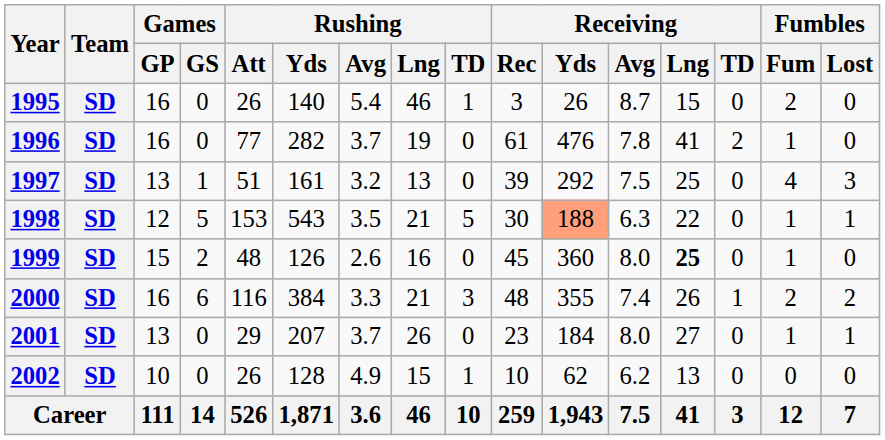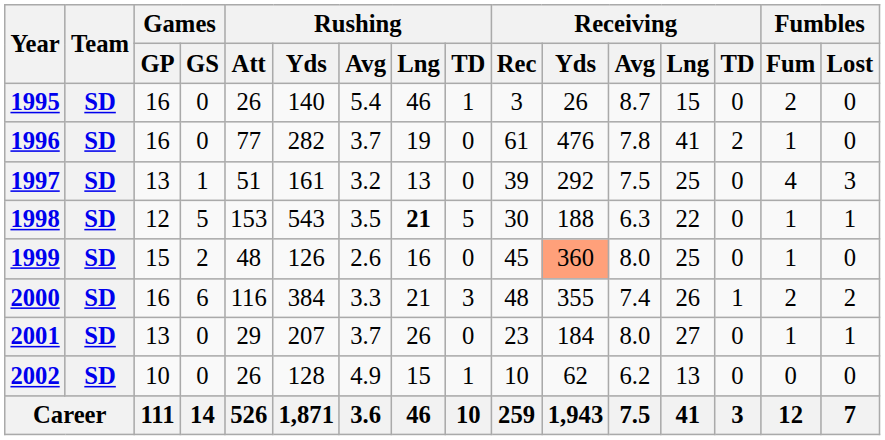 <table class="wikitable" style="text-align: center;">
 <tr>
 <th rowspan="2">Year</th>
 <th rowspan="2">Team</th>
 <th colspan="2">Games</th>
 <th colspan="5">Rushing</th>
 <th colspan="5">Receiving</th>
 <th colspan="2">Fumbles</th>
 </tr>
 <tr>
 <th>GP</th>
 <th>GS</th>
 <th>Att</th>
 <th>Yds</th>
 <th>Avg</th>
 <th>Lng</th>
 <th>TD</th>
 <th>Rec</th>
 <th>Yds</th>
 <th>Avg</th>
 <th>Lng</th>
 <th>TD</th>
 <th>Fum</th>
 <th>Lost</th>
 </tr>
 <tr>
 <th><a href='#'>1995</a></th>
 <th><a href='#'>SD</a></th>
 <td>16</td>
 <td>0</td>
 <td>26</td>
 <td>140</td>
 <td>5.4</td>
 <td>46</td>
 <td>1</td>
 <td>3</td>
 <td>26</td>
 <td>8.7</td>
 <td>15</td>
 <td>0</td>
 <td>2</td>
 <td>0</td>
 </tr>
 <tr>
 <th><a href='#'>1996</a></th>
 <th><a href='#'>SD</a></th>
 <td>16</td>
 <td>0</td>
 <td>77</td>
 <td>282</td>
 <td>3.7</td>
 <td>19</td>
 <td>0</td>
 <td>61</td>
 <td>476</td>
 <td>7.8</td>
 <td>41</td>
 <td>2</td>
 <td>1</td>
 <td>0</td>
 </tr>
 <tr>
 <th><a href='#'>1997</a></th>
 <th><a href='#'>SD</a></th>
 <td>13</td>
 <td>1</td>
 <td>51</td>
 <td>161</td>
 <td>3.2</td>
 <td>13</td>
 <td>0</td>
 <td>39</td>
 <td>292</td>
 <td>7.5</td>
 <td>25</td>
 <td>0</td>
 <td>4</td>
 <td>3</td>
 </tr>
 <tr>
 <th><a href='#'>1998</a></th>
 <th><a href='#'>SD</a></th>
 <td>12</td>
 <td>5</td>
 <td>153</td>
 <td>543</td>
 <td>3.5</td>
-<td>21</td>
+<td><strong>21</strong></td>
 <td>5</td>
 <td>30</td>
-<td style="background: lightsalmon;">188</td>
+<td>188</td>
 <td>6.3</td>
 <td>22</td>
 <td>0</td>
 <td>1</td>
 <td>1</td>
 </tr>
 <tr>
 <th><a href='#'>1999</a></th>
 <th><a href='#'>SD</a></th>
 <td>15</td>
 <td>2</td>
 <td>48</td>
 <td>126</td>
 <td>2.6</td>
 <td>16</td>
 <td>0</td>
 <td>45</td>
-<td>360</td>
+<td style="background: lightsalmon;">360</td>
 <td>8.0</td>
-<td><strong>25</strong></td>
+<td>25</td>
 <td>0</td>
 <td>1</td>
 <td>0</td>
 </tr>
 <tr>
 <th><a href='#'>2000</a></th>
 <th><a href='#'>SD</a></th>
 <td>16</td>
 <td>6</td>
 <td>116</td>
 <td>384</td>
 <td>3.3</td>
 <td>21</td>
 <td>3</td>
 <td>48</td>
 <td>355</td>
 <td>7.4</td>
 <td>26</td>
 <td>1</td>
 <td>2</td>
 <td>2</td>
 </tr>
 <tr>
 <th><a href='#'>2001</a></th>
 <th><a href='#'>SD</a></th>
 <td>13</td>
 <td>0</td>
 <td>29</td>
 <td>207</td>
 <td>3.7</td>
 <td>26</td>
 <td>0</td>
 <td>23</td>
 <td>184</td>
 <td>8.0</td>
 <td>27</td>
 <td>0</td>
 <td>1</td>
 <td>1</td>
 </tr>
 <tr>
 <th><a href='#'>2002</a></th>
 <th><a href='#'>SD</a></th>
 <td>10</td>
 <td>0</td>
 <td>26</td>
 <td>128</td>
 <td>4.9</td>
 <td>15</td>
 <td>1</td>
 <td>10</td>
 <td>62</td>
 <td>6.2</td>
 <td>13</td>
 <td>0</td>
 <td>0</td>
 <td>0</td>
 </tr>
 <tr>
 <th colspan="2">Career</th>
 <th>111</th>
 <th>14</th>
 <th>526</th>
 <th>1,871</th>
 <th>3.6</th>
 <th>46</th>
 <th>10</th>
 <th>259</th>
 <th>1,943</th>
 <th>7.5</th>
 <th>41</th>
 <th>3</th>
 <th>12</th>
 <th>7</th>
 </tr>
 </table>
